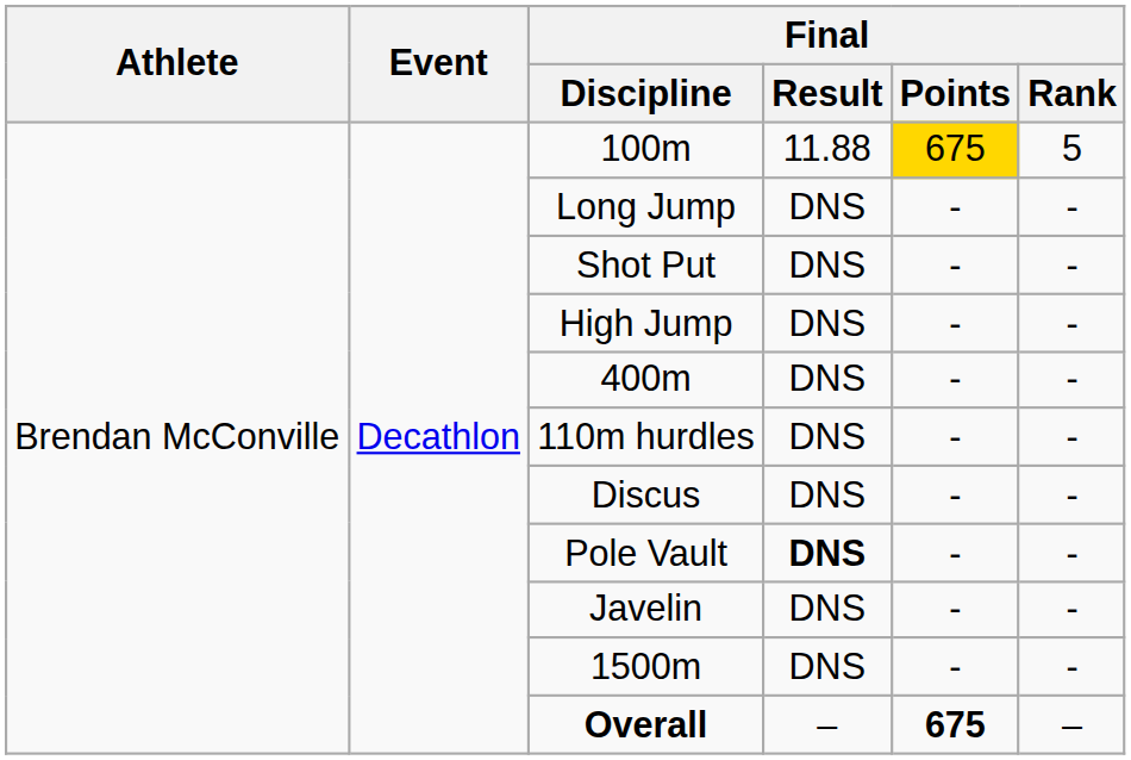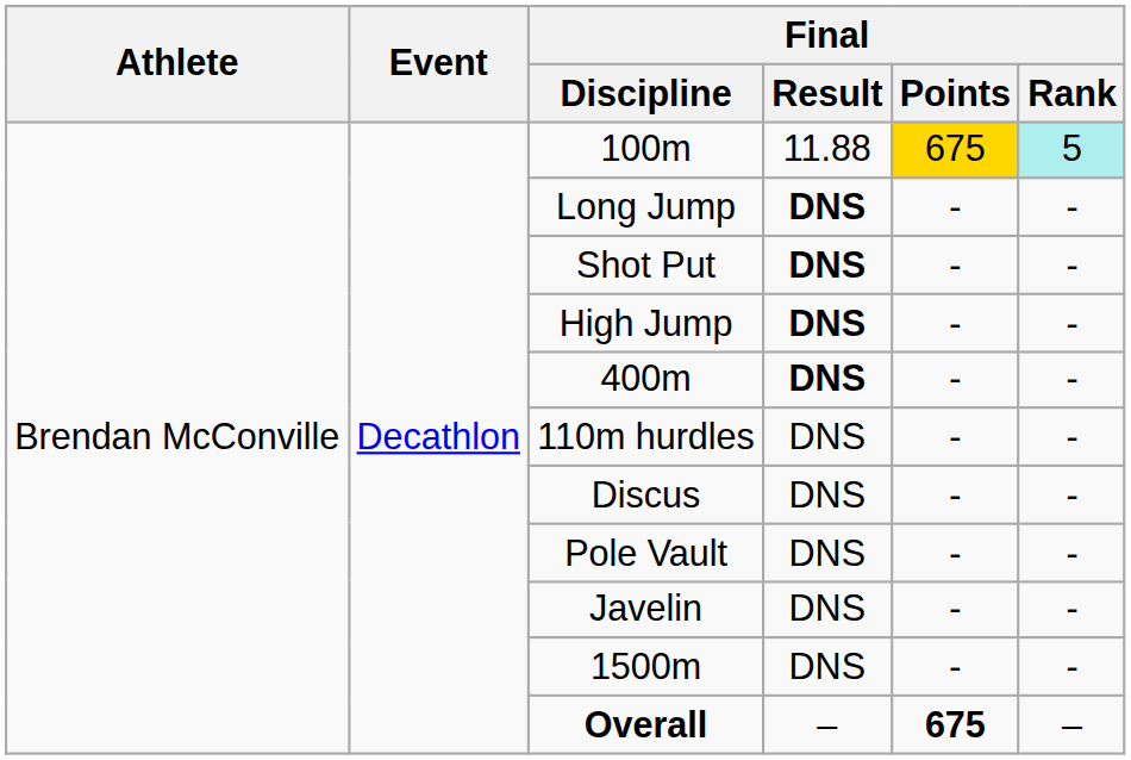 <table class=wikitable style="font-size:90%">
 <tr>
 <th rowspan="2">Athlete</th>
 <th rowspan="2">Event</th>
 <th colspan="4">Final</th>
 </tr>
 <tr>
 <th>Discipline</th>
 <th>Result</th>
 <th>Points</th>
 <th>Rank</th>
 </tr>
 <tr>
 <td rowspan="11">Brendan McConville</td>
 <td rowspan="11"><a href='#'>Decathlon</a></td>
 <td align="center">100m</td>
 <td align="center">11.88</td>
 <td align="center" style="background: gold;">675</td>
-<td align="center">5</td>
+<td align="center" style="background: paleturquoise;">5</td>
 </tr>
 <tr>
 <td align="center">Long Jump</td>
-<td align="center">DNS</td>
+<td align="center"><strong>DNS</strong></td>
 <td align="center">-</td>
 <td align="center">-</td>
 </tr>
 <tr>
 <td align="center">Shot Put</td>
-<td align="center">DNS</td>
+<td align="center"><strong>DNS</strong></td>
 <td align="center">-</td>
 <td align="center">-</td>
 </tr>
 <tr>
 <td align="center">High Jump</td>
-<td align="center">DNS</td>
+<td align="center"><strong>DNS</strong></td>
 <td align="center">-</td>
 <td align="center">-</td>
 </tr>
 <tr>
 <td align="center">400m</td>
-<td align="center">DNS</td>
+<td align="center"><strong>DNS</strong></td>
 <td align="center">-</td>
 <td align="center">-</td>
 </tr>
 <tr>
 <td align="center">110m hurdles</td>
 <td align="center">DNS</td>
 <td align="center">-</td>
 <td align="center">-</td>
 </tr>
 <tr>
 <td align="center">Discus</td>
 <td align="center">DNS</td>
 <td align="center">-</td>
 <td align="center">-</td>
 </tr>
 <tr>
 <td align="center">Pole Vault</td>
-<td align="center"><strong>DNS</strong></td>
+<td align="center">DNS</td>
 <td align="center">-</td>
 <td align="center">-</td>
 </tr>
 <tr>
 <td align="center">Javelin</td>
 <td align="center">DNS</td>
 <td align="center">-</td>
 <td align="center">-</td>
 </tr>
 <tr>
 <td align="center">1500m</td>
 <td align="center">DNS</td>
 <td align="center">-</td>
 <td align="center">-</td>
 </tr>
 <tr>
 <td align="center"><strong>Overall</strong></td>
 <td align="center">–</td>
 <td align="center"><strong>675</strong></td>
 <td align="center">–</td>
 </tr>
 </table>
